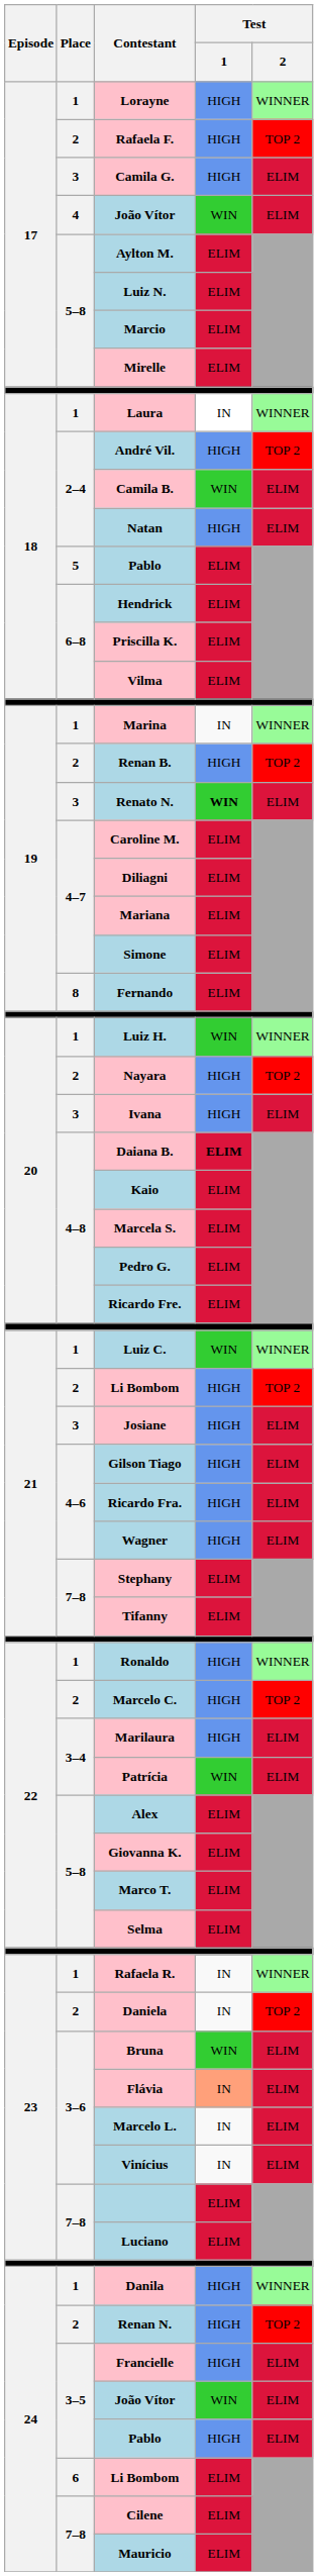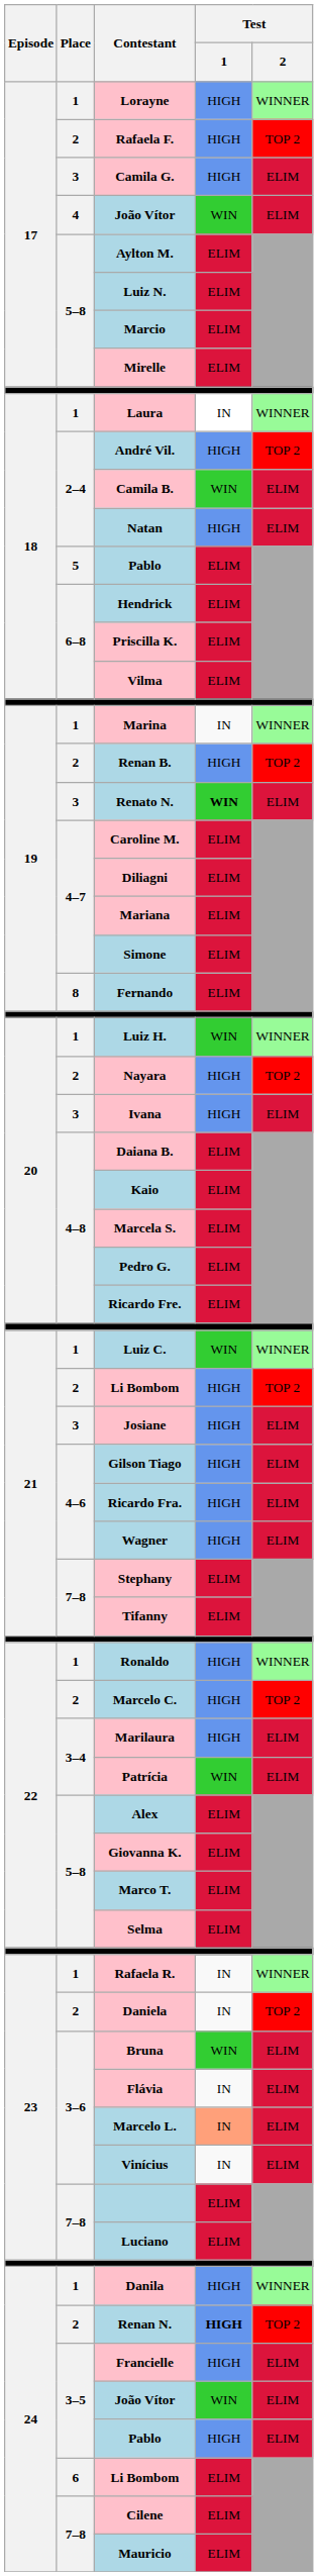 <table class="wikitable" style="text-align: center; font-size:8pt; line-height:25px;">
 <tr>
 <th rowspan=2>Episode</th>
 <th rowspan=2>Place</th>
 <th rowspan=2>Contestant</th>
 <th colspan=2>Test</th>
 </tr>
 <tr>
 <th>1</th>
 <th>2</th>
 </tr>
 <tr>
 <th rowspan=8>17</th>
 <th>1</th>
 <td bgcolor=FFC0CB width=75><strong>Lorayne</strong></td>
 <td bgcolor=6495ED width=40>HIGH</td>
 <td bgcolor=98FB98 width=40>WINNER</td>
 </tr>
 <tr>
 <th>2</th>
 <td bgcolor=FFC0CB><strong>Rafaela F.</strong></td>
 <td bgcolor=6495ED>HIGH</td>
 <td bgcolor=FF0000>TOP 2</td>
 </tr>
 <tr>
 <th>3</th>
 <td bgcolor=FFC0CB><strong>Camila G.</strong></td>
 <td bgcolor=6495ED>HIGH</td>
 <td bgcolor=DC143C>ELIM</td>
 </tr>
 <tr>
 <th>4</th>
 <td bgcolor=ADD8E6><strong>João Vítor</strong></td>
 <td bgcolor=32CD32>WIN</td>
 <td bgcolor=DC143C>ELIM</td>
 </tr>
 <tr>
 <th rowspan=4>5–8</th>
 <td bgcolor=ADD8E6><strong>Aylton M.</strong></td>
 <td bgcolor=DC143C>ELIM</td>
 <td bgcolor=A9A9A9 rowspan=4></td>
 </tr>
 <tr>
 <td bgcolor=ADD8E6><strong>Luiz N.</strong></td>
 <td bgcolor=DC143C>ELIM</td>
 </tr>
 <tr>
 <td bgcolor=ADD8E6><strong>Marcio</strong></td>
 <td bgcolor=DC143C>ELIM</td>
 </tr>
 <tr>
 <td bgcolor=FFC0CB><strong>Mirelle</strong></td>
 <td bgcolor=DC143C>ELIM</td>
 </tr>
 <tr>
 <td colspan=5 bgcolor=000000></td>
 </tr>
 <tr>
 <th rowspan=8>18</th>
 <th>1</th>
 <td bgcolor=FFC0CB><strong>Laura</strong></td>
 <td bgcolor=FFFFFF>IN</td>
 <td bgcolor=98FB98>WINNER</td>
 </tr>
 <tr>
 <th rowspan=3>2–4</th>
 <td bgcolor=ADD8E6><strong>André Vil.</strong></td>
 <td bgcolor=6495ED>HIGH</td>
 <td bgcolor=FF0000>TOP 2</td>
 </tr>
 <tr>
 <td bgcolor=FFC0CB><strong>Camila B.</strong></td>
 <td bgcolor=32CD32>WIN</td>
 <td bgcolor=DC143C>ELIM</td>
 </tr>
 <tr>
 <td bgcolor=ADD8E6><strong>Natan</strong></td>
 <td bgcolor=6495ED>HIGH</td>
 <td bgcolor=DC143C>ELIM</td>
 </tr>
 <tr>
 <th>5</th>
 <td bgcolor=ADD8E6><strong>Pablo</strong></td>
 <td bgcolor=DC143C>ELIM</td>
 <td bgcolor=A9A9A9 rowspan=4></td>
 </tr>
 <tr>
 <th rowspan=3>6–8</th>
 <td bgcolor=ADD8E6><strong>Hendrick</strong></td>
 <td bgcolor=DC143C>ELIM</td>
 </tr>
 <tr>
 <td bgcolor=FFC0CB><strong>Priscilla K.</strong></td>
 <td bgcolor=DC143C>ELIM</td>
 </tr>
 <tr>
 <td bgcolor=FFC0CB><strong>Vilma</strong></td>
 <td bgcolor=DC143C>ELIM</td>
 </tr>
 <tr>
 <td colspan=5 bgcolor=000000></td>
 </tr>
 <tr>
 <th rowspan=8>19</th>
 <th>1</th>
 <td bgcolor=FFC0CB><strong>Marina</strong></td>
 <td>IN</td>
 <td bgcolor=98FB98>WINNER</td>
 </tr>
 <tr>
 <th>2</th>
 <td bgcolor=ADD8E6><strong>Renan B.</strong></td>
 <td bgcolor=6495ED>HIGH</td>
 <td bgcolor=FF0000>TOP 2</td>
 </tr>
 <tr>
 <th>3</th>
 <td bgcolor=ADD8E6><strong>Renato N.</strong></td>
 <td bgcolor=32CD32><strong>WIN</strong></td>
 <td bgcolor=DC143C>ELIM</td>
 </tr>
 <tr>
 <th rowspan=4>4–7</th>
 <td bgcolor=FFC0CB><strong>Caroline M.</strong></td>
 <td bgcolor=DC143C>ELIM</td>
 <td bgcolor=A9A9A9 rowspan=5></td>
 </tr>
 <tr>
 <td bgcolor=FFC0CB><strong>Diliagni</strong></td>
 <td bgcolor=DC143C>ELIM</td>
 </tr>
 <tr>
 <td bgcolor=FFC0CB><strong>Mariana</strong></td>
 <td bgcolor=DC143C>ELIM</td>
 </tr>
 <tr>
 <td bgcolor=ADD8E6><strong>Simone</strong></td>
 <td bgcolor=DC143C>ELIM</td>
 </tr>
 <tr>
 <th>8</th>
 <td bgcolor=ADD8E6><strong>Fernando</strong></td>
 <td bgcolor=DC143C>ELIM</td>
 </tr>
 <tr>
 <td colspan=5 bgcolor=000000></td>
 </tr>
 <tr>
 <th rowspan=8>20</th>
 <th>1</th>
 <td bgcolor=ADD8E6><strong>Luiz H.</strong></td>
 <td bgcolor=32CD32>WIN</td>
 <td bgcolor=98FB98>WINNER</td>
 </tr>
 <tr>
 <th>2</th>
 <td bgcolor=FFC0CB><strong>Nayara</strong></td>
 <td bgcolor=6495ED>HIGH</td>
 <td bgcolor=FF0000>TOP 2</td>
 </tr>
 <tr>
 <th>3</th>
 <td bgcolor=FFC0CB><strong>Ivana</strong></td>
 <td bgcolor=6495ED>HIGH</td>
 <td bgcolor=DC143C>ELIM</td>
 </tr>
 <tr>
 <th rowspan=5>4–8</th>
 <td bgcolor=FFC0CB><strong>Daiana B.</strong></td>
-<td bgcolor=DC143C><strong>ELIM</strong></td>
+<td bgcolor=DC143C>ELIM</td>
 <td bgcolor=A9A9A9 rowspan=5></td>
 </tr>
 <tr>
 <td bgcolor=ADD8E6><strong>Kaio</strong></td>
 <td bgcolor=DC143C>ELIM</td>
 </tr>
 <tr>
 <td bgcolor=FFC0CB><strong>Marcela S.</strong></td>
 <td bgcolor=DC143C>ELIM</td>
 </tr>
 <tr>
 <td bgcolor=ADD8E6><strong>Pedro G.</strong></td>
 <td bgcolor=DC143C>ELIM</td>
 </tr>
 <tr>
 <td bgcolor=ADD8E6><strong>Ricardo Fre.</strong></td>
 <td bgcolor=DC143C>ELIM</td>
 </tr>
 <tr>
 <td colspan=5 bgcolor=000000></td>
 </tr>
 <tr>
 <th rowspan=8>21</th>
 <th>1</th>
 <td bgcolor=ADD8E6><strong>Luiz C.</strong></td>
 <td bgcolor=32CD32>WIN</td>
 <td bgcolor=98FB98>WINNER</td>
 </tr>
 <tr>
 <th>2</th>
 <td bgcolor=FFC0CB><strong>Li Bombom</strong></td>
 <td bgcolor=6495ED>HIGH</td>
 <td bgcolor=FF0000>TOP 2</td>
 </tr>
 <tr>
 <th>3</th>
 <td bgcolor=FFC0CB><strong>Josiane</strong></td>
 <td bgcolor=6495ED>HIGH</td>
 <td bgcolor=DC143C>ELIM</td>
 </tr>
 <tr>
 <th rowspan=3>4–6</th>
 <td bgcolor=ADD8E6><strong>Gilson Tiago</strong></td>
 <td bgcolor=6495ED>HIGH</td>
 <td bgcolor=DC143C>ELIM</td>
 </tr>
 <tr>
 <td bgcolor=ADD8E6><strong>Ricardo Fra.</strong></td>
 <td bgcolor=6495ED>HIGH</td>
 <td bgcolor=DC143C>ELIM</td>
 </tr>
 <tr>
 <td bgcolor=ADD8E6><strong>Wagner</strong></td>
 <td bgcolor=6495ED>HIGH</td>
 <td bgcolor=DC143C>ELIM</td>
 </tr>
 <tr>
 <th rowspan=2>7–8</th>
 <td bgcolor=FFC0CB><strong>Stephany</strong></td>
 <td bgcolor=DC143C>ELIM</td>
 <td bgcolor=A9A9A9 rowspan=2></td>
 </tr>
 <tr>
 <td bgcolor=FFC0CB><strong>Tifanny</strong></td>
 <td bgcolor=DC143C>ELIM</td>
 </tr>
 <tr>
 <td colspan=5 bgcolor=000000></td>
 </tr>
 <tr>
 <th rowspan=8>22</th>
 <th>1</th>
 <td bgcolor=ADD8E6><strong>Ronaldo</strong></td>
 <td bgcolor=6495ED>HIGH</td>
 <td bgcolor=98FB98>WINNER</td>
 </tr>
 <tr>
 <th>2</th>
 <td bgcolor=ADD8E6><strong>Marcelo C.</strong></td>
 <td bgcolor=6495ED>HIGH</td>
 <td bgcolor=FF0000>TOP 2</td>
 </tr>
 <tr>
 <th rowspan=2>3–4</th>
 <td bgcolor=FFC0CB><strong>Marilaura</strong></td>
 <td bgcolor=6495ED>HIGH</td>
 <td bgcolor=DC143C>ELIM</td>
 </tr>
 <tr>
 <td bgcolor=FFC0CB><strong>Patrícia</strong></td>
 <td bgcolor=32CD32>WIN</td>
 <td bgcolor=DC143C>ELIM</td>
 </tr>
 <tr>
 <th rowspan=4>5–8</th>
 <td bgcolor=ADD8E6><strong>Alex</strong></td>
 <td bgcolor=DC143C>ELIM</td>
 <td bgcolor=A9A9A9 rowspan=4></td>
 </tr>
 <tr>
 <td bgcolor=FFC0CB><strong>Giovanna K.</strong></td>
 <td bgcolor=DC143C>ELIM</td>
 </tr>
 <tr>
 <td bgcolor=ADD8E6><strong>Marco T.</strong></td>
 <td bgcolor=DC143C>ELIM</td>
 </tr>
 <tr>
 <td bgcolor=FFC0CB><strong>Selma</strong></td>
 <td bgcolor=DC143C>ELIM</td>
 </tr>
 <tr>
 <td colspan=5 bgcolor=000000></td>
 </tr>
 <tr>
 <th rowspan=8>23</th>
 <th>1</th>
 <td bgcolor=FFC0CB><strong>Rafaela R.</strong></td>
 <td>IN</td>
 <td bgcolor=98FB98>WINNER</td>
 </tr>
 <tr>
 <th>2</th>
 <td bgcolor=FFC0CB><strong>Daniela</strong></td>
 <td>IN</td>
 <td bgcolor=FF0000>TOP 2</td>
 </tr>
 <tr>
 <th rowspan=4>3–6</th>
 <td bgcolor=FFC0CB><strong>Bruna</strong></td>
 <td bgcolor=32CD32>WIN</td>
 <td bgcolor=DC143C>ELIM</td>
 </tr>
 <tr>
 <td bgcolor=FFC0CB><strong>Flávia</strong></td>
-<td style="background: lightsalmon;">IN</td>
+<td>IN</td>
 <td bgcolor=DC143C>ELIM</td>
 </tr>
 <tr>
 <td bgcolor=ADD8E6><strong>Marcelo L.</strong></td>
-<td>IN</td>
+<td style="background: lightsalmon;">IN</td>
 <td bgcolor=DC143C>ELIM</td>
 </tr>
 <tr>
 <td bgcolor=ADD8E6><strong>Vinícius</strong></td>
 <td>IN</td>
 <td bgcolor=DC143C>ELIM</td>
 </tr>
 <tr>
 <th rowspan=2>7–8</th>
 <td bgcolor=ADD8E6><strong></strong></td>
 <td bgcolor=DC143C>ELIM</td>
 <td bgcolor=A9A9A9 rowspan=2></td>
 </tr>
 <tr>
 <td bgcolor=ADD8E6><strong>Luciano</strong></td>
 <td bgcolor=DC143C>ELIM</td>
 </tr>
 <tr>
 <td colspan=5 bgcolor=000000></td>
 </tr>
 <tr>
 <th rowspan=8>24</th>
 <th>1</th>
 <td bgcolor=FFC0CB><strong>Danila</strong></td>
 <td bgcolor=6495ED>HIGH</td>
 <td bgcolor=98FB98>WINNER</td>
 </tr>
 <tr>
 <th>2</th>
 <td bgcolor=ADD8E6><strong>Renan N.</strong></td>
-<td bgcolor=6495ED>HIGH</td>
+<td bgcolor=6495ED><strong>HIGH</strong></td>
 <td bgcolor=FF0000>TOP 2</td>
 </tr>
 <tr>
 <th rowspan=3>3–5</th>
 <td bgcolor=FFC0CB><strong>Francielle</strong></td>
 <td bgcolor=6495ED>HIGH</td>
 <td bgcolor=DC143C>ELIM</td>
 </tr>
 <tr>
 <td bgcolor=ADD8E6><strong>João Vítor</strong></td>
 <td bgcolor=32CD32>WIN</td>
 <td bgcolor=DC143C>ELIM</td>
 </tr>
 <tr>
 <td bgcolor=ADD8E6><strong>Pablo</strong></td>
 <td bgcolor=6495ED>HIGH</td>
 <td bgcolor=DC143C>ELIM</td>
 </tr>
 <tr>
 <th>6</th>
 <td bgcolor=FFC0CB><strong>Li Bombom</strong></td>
 <td bgcolor=DC143C>ELIM</td>
 <td bgcolor=A9A9A9 rowspan=3></td>
 </tr>
 <tr>
 <th rowspan=2>7–8</th>
 <td bgcolor=FFC0CB><strong>Cilene</strong></td>
 <td bgcolor=DC143C>ELIM</td>
 </tr>
 <tr>
 <td bgcolor=ADD8E6><strong>Mauricio</strong></td>
 <td bgcolor=DC143C>ELIM</td>
 </tr>
 </table>
